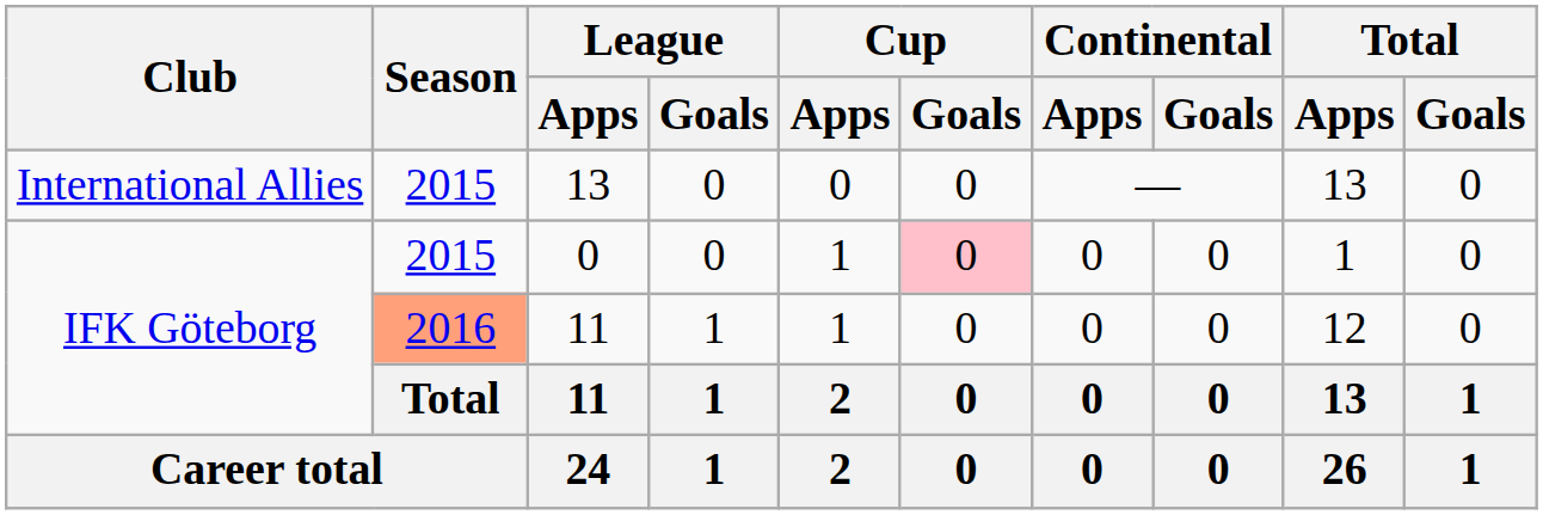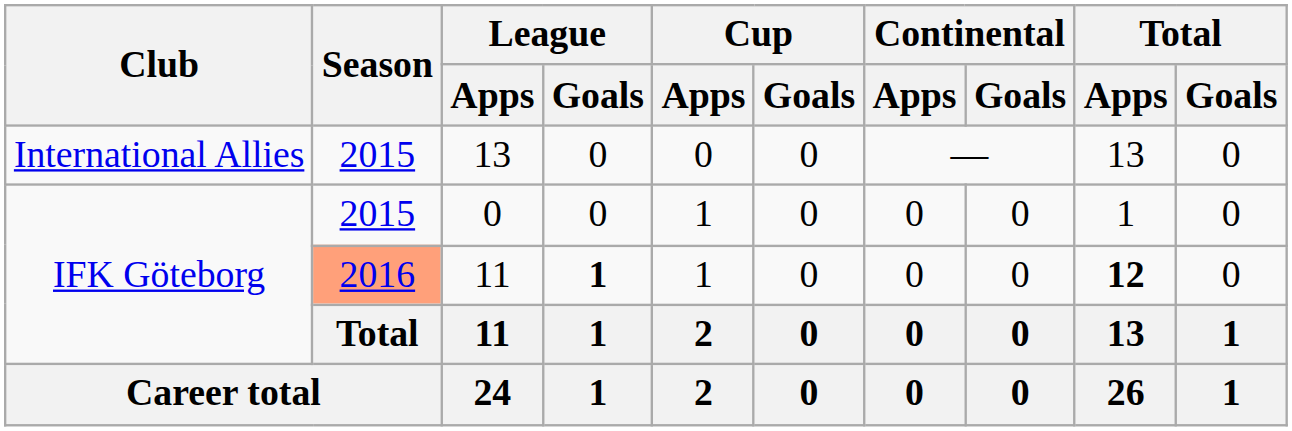 <table class="wikitable" style="text-align:center">
 <tr>
 <th rowspan="2">Club</th>
 <th rowspan="2">Season</th>
 <th colspan="2">League</th>
 <th colspan="2">Cup</th>
 <th colspan="2">Continental</th>
 <th colspan="2">Total</th>
 </tr>
 <tr>
 <th>Apps</th>
 <th>Goals</th>
 <th>Apps</th>
 <th>Goals</th>
 <th>Apps</th>
 <th>Goals</th>
 <th>Apps</th>
 <th>Goals</th>
 </tr>
 <tr>
 <td><a href='#'>International Allies</a></td>
 <td><a href='#'>2015</a></td>
 <td>13</td>
 <td>0</td>
 <td>0</td>
 <td>0</td>
 <td colspan="2">—</td>
 <td>13</td>
 <td>0</td>
 </tr>
 <tr>
 <td rowspan="3"><a href='#'>IFK Göteborg</a></td>
 <td><a href='#'>2015</a></td>
 <td>0</td>
 <td>0</td>
 <td>1</td>
-<td style="background: pink;">0</td>
+<td>0</td>
 <td>0</td>
 <td>0</td>
 <td>1</td>
 <td>0</td>
 </tr>
 <tr>
 <td style="background: lightsalmon;"><a href='#'>2016</a></td>
 <td>11</td>
-<td>1</td>
+<td><strong>1</strong></td>
 <td>1</td>
 <td>0</td>
 <td>0</td>
 <td>0</td>
-<td>12</td>
+<td><strong>12</strong></td>
 <td>0</td>
 </tr>
 <tr>
 <th>Total</th>
 <th>11</th>
 <th>1</th>
 <th>2</th>
 <th>0</th>
 <th>0</th>
 <th>0</th>
 <th>13</th>
 <th>1</th>
 </tr>
 <tr>
 <th colspan="2">Career total</th>
 <th>24</th>
 <th>1</th>
 <th>2</th>
 <th>0</th>
 <th>0</th>
 <th>0</th>
 <th>26</th>
 <th>1</th>
 </tr>
 </table>
